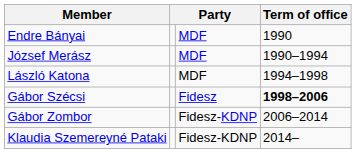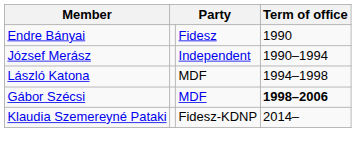 <table class=wikitable>
 <tr>
 <th>Member</th>
 <th colspan=2>Party</th>
 <th>Term of office</th>
 </tr>
 <tr>
 <td><a href='#'>Endre Bányai</a></td>
 <td style="background-color:"></td>
-<td><a href='#'>MDF</a></td>
+<td><a href='#'>Fidesz</a></td>
 <td>1990</td>
 </tr>
 <tr>
 <td><a href='#'>József Merász</a></td>
 <td style="background-color:"></td>
-<td><a href='#'>MDF</a></td>
+<td><a href='#'>Independent</a></td>
 <td>1990–1994</td>
 </tr>
 <tr>
 <td><a href='#'>László Katona</a></td>
 <td style="background-color:"></td>
 <td>MDF</td>
 <td>1994–1998</td>
 </tr>
 <tr>
 <td><a href='#'>Gábor Szécsi</a></td>
 <td style="background-color:"></td>
-<td><a href='#'>Fidesz</a></td>
+<td><a href='#'>MDF</a></td>
 <td><strong>1998–2006</strong></td>
-</tr>
-<tr>
-<td><a href='#'>Gábor Zombor</a></td>
-<td style="background-color:"></td>
-<td>Fidesz-<a href='#'>KDNP</a></td>
-<td>2006–2014</td>
 </tr>
 <tr>
 <td><a href='#'>Klaudia Szemereyné Pataki</a></td>
 <td style="background-color:"></td>
 <td>Fidesz-KDNP</td>
 <td>2014–</td>
 </tr>
 </table>
